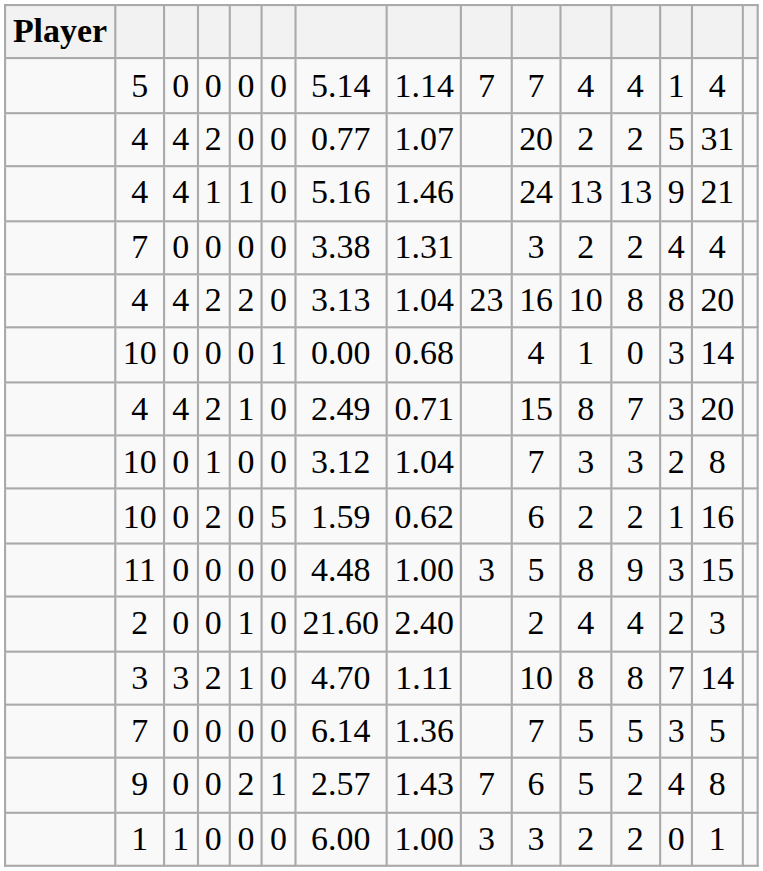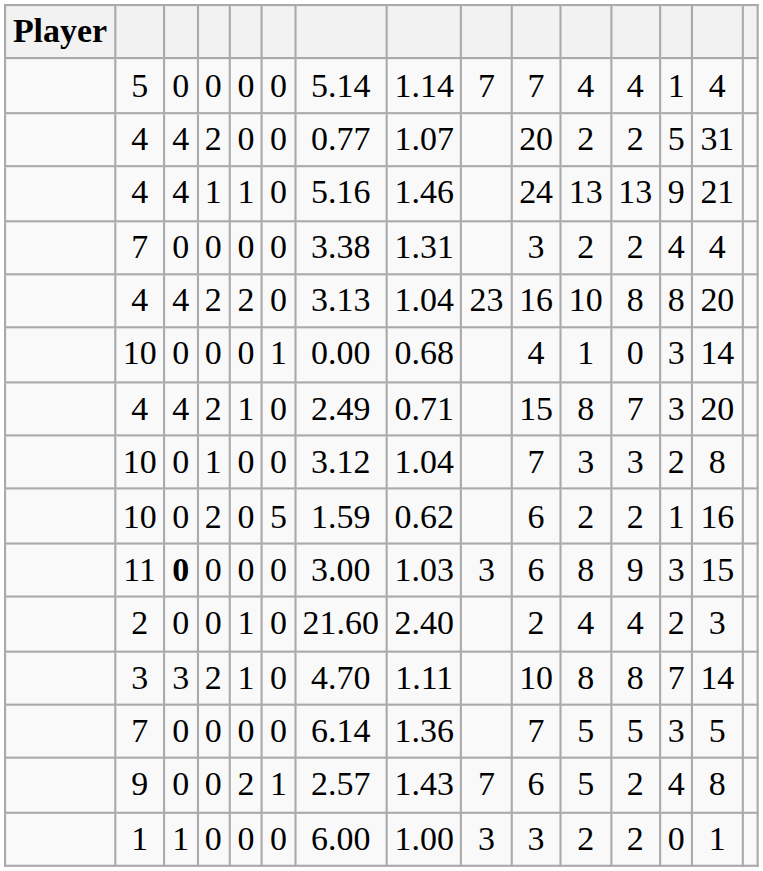 <table class="wikitable sortable">
 <tr>
 <th>Player</th>
 <th></th>
 <th></th>
 <th></th>
 <th></th>
 <th></th>
 <th></th>
 <th></th>
 <th></th>
 <th></th>
 <th></th>
 <th></th>
 <th></th>
 <th></th>
 <th></th>
 </tr>
 <tr align=center>
 <td></td>
 <td>5</td>
 <td>0</td>
 <td>0</td>
 <td>0</td>
 <td>0</td>
 <td>5.14</td>
 <td>1.14</td>
 <td>7</td>
 <td>7</td>
 <td>4</td>
 <td>4</td>
 <td>1</td>
 <td>4</td>
 <td></td>
 </tr>
 <tr align=center>
 <td></td>
 <td>4</td>
 <td>4</td>
 <td>2</td>
 <td>0</td>
 <td>0</td>
 <td>0.77</td>
 <td>1.07</td>
 <td></td>
 <td>20</td>
 <td>2</td>
 <td>2</td>
 <td>5</td>
 <td>31</td>
 <td></td>
 </tr>
 <tr align=center>
 <td></td>
 <td>4</td>
 <td>4</td>
 <td>1</td>
 <td>1</td>
 <td>0</td>
 <td>5.16</td>
 <td>1.46</td>
 <td></td>
 <td>24</td>
 <td>13</td>
 <td>13</td>
 <td>9</td>
 <td>21</td>
 <td></td>
 </tr>
 <tr align=center>
 <td></td>
 <td>7</td>
 <td>0</td>
 <td>0</td>
 <td>0</td>
 <td>0</td>
 <td>3.38</td>
 <td>1.31</td>
 <td></td>
 <td>3</td>
 <td>2</td>
 <td>2</td>
 <td>4</td>
 <td>4</td>
 <td></td>
 </tr>
 <tr align=center>
 <td></td>
 <td>4</td>
 <td>4</td>
 <td>2</td>
 <td>2</td>
 <td>0</td>
 <td>3.13</td>
 <td>1.04</td>
 <td>23</td>
 <td>16</td>
 <td>10</td>
 <td>8</td>
 <td>8</td>
 <td>20</td>
 <td></td>
 </tr>
 <tr align=center>
 <td></td>
 <td>10</td>
 <td>0</td>
 <td>0</td>
 <td>0</td>
 <td>1</td>
 <td>0.00</td>
 <td>0.68</td>
 <td></td>
 <td>4</td>
 <td>1</td>
 <td>0</td>
 <td>3</td>
 <td>14</td>
 <td></td>
 </tr>
 <tr align=center>
 <td></td>
 <td>4</td>
 <td>4</td>
 <td>2</td>
 <td>1</td>
 <td>0</td>
 <td>2.49</td>
 <td>0.71</td>
 <td></td>
 <td>15</td>
 <td>8</td>
 <td>7</td>
 <td>3</td>
 <td>20</td>
 <td></td>
 </tr>
 <tr align=center>
 <td></td>
 <td>10</td>
 <td>0</td>
 <td>1</td>
 <td>0</td>
 <td>0</td>
 <td>3.12</td>
 <td>1.04</td>
 <td></td>
 <td>7</td>
 <td>3</td>
 <td>3</td>
 <td>2</td>
 <td>8</td>
 <td></td>
 </tr>
 <tr align=center>
 <td></td>
 <td>10</td>
 <td>0</td>
 <td>2</td>
 <td>0</td>
 <td>5</td>
 <td>1.59</td>
 <td>0.62</td>
 <td></td>
 <td>6</td>
 <td>2</td>
 <td>2</td>
 <td>1</td>
 <td>16</td>
 <td></td>
 </tr>
 <tr align=center>
 <td></td>
 <td>11</td>
+<td><strong>0</strong></td>
 <td>0</td>
 <td>0</td>
 <td>0</td>
-<td>0</td>
-<td>4.48</td>
-<td>1.00</td>
+<td>3.00</td>
+<td>1.03</td>
 <td>3</td>
-<td>5</td>
+<td>6</td>
 <td>8</td>
 <td>9</td>
 <td>3</td>
 <td>15</td>
 <td></td>
 </tr>
 <tr align=center>
 <td></td>
 <td>2</td>
 <td>0</td>
 <td>0</td>
 <td>1</td>
 <td>0</td>
 <td>21.60</td>
 <td>2.40</td>
 <td></td>
 <td>2</td>
 <td>4</td>
 <td>4</td>
 <td>2</td>
 <td>3</td>
 <td></td>
 </tr>
 <tr align=center>
 <td></td>
 <td>3</td>
 <td>3</td>
 <td>2</td>
 <td>1</td>
 <td>0</td>
 <td>4.70</td>
 <td>1.11</td>
 <td></td>
 <td>10</td>
 <td>8</td>
 <td>8</td>
 <td>7</td>
 <td>14</td>
 <td></td>
 </tr>
 <tr align=center>
 <td></td>
 <td>7</td>
 <td>0</td>
 <td>0</td>
 <td>0</td>
 <td>0</td>
 <td>6.14</td>
 <td>1.36</td>
 <td></td>
 <td>7</td>
 <td>5</td>
 <td>5</td>
 <td>3</td>
 <td>5</td>
 <td></td>
 </tr>
 <tr align=center>
 <td></td>
 <td>9</td>
 <td>0</td>
 <td>0</td>
 <td>2</td>
 <td>1</td>
 <td>2.57</td>
 <td>1.43</td>
 <td>7</td>
 <td>6</td>
 <td>5</td>
 <td>2</td>
 <td>4</td>
 <td>8</td>
 <td></td>
 </tr>
 <tr align=center>
 <td></td>
 <td>1</td>
 <td>1</td>
 <td>0</td>
 <td>0</td>
 <td>0</td>
 <td>6.00</td>
 <td>1.00</td>
 <td>3</td>
 <td>3</td>
 <td>2</td>
 <td>2</td>
 <td>0</td>
 <td>1</td>
 <td></td>
 </tr>
 </table>
